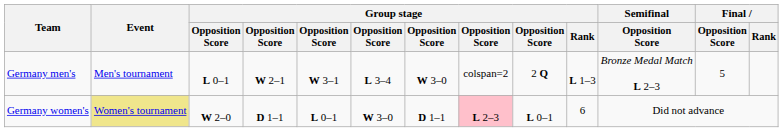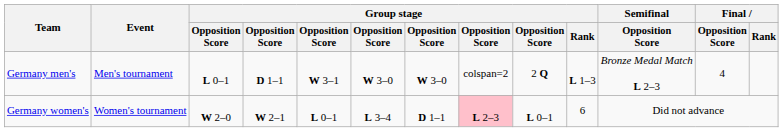 <table class="wikitable" style="font-size:90%">
 <tr>
 <th rowspan=2>Team</th>
 <th rowspan=2>Event</th>
 <th colspan=8>Group stage</th>
 <th>Semifinal</th>
 <th colspan=2>Final / </th>
 </tr>
 <tr style="font-size:95%">
 <th>Opposition<br>Score</th>
 <th>Opposition<br>Score</th>
 <th>Opposition<br>Score</th>
 <th>Opposition<br>Score</th>
 <th>Opposition<br>Score</th>
 <th>Opposition<br>Score</th>
 <th>Opposition<br>Score</th>
 <th>Rank</th>
 <th>Opposition<br>Score</th>
 <th>Opposition<br>Score</th>
 <th>Rank</th>
 </tr>
 <tr align=center>
 <td align=left><a href='#'>Germany men's</a></td>
 <td align=left><a href='#'>Men's tournament</a></td>
 <td><br><strong>L</strong> 0–1</td>
-<td><br><strong>W</strong> 2–1</td>
+<td><br><strong>D</strong> 1–1</td>
 <td><br><strong>W</strong> 3–1</td>
-<td><br><strong>L</strong> 3–4</td>
+<td><br><strong>W</strong> 3–0</td>
 <td><br><strong>W</strong> 3–0</td>
 <td>colspan=2</td>
 <td>2 <strong>Q</strong></td>
 <td><br><strong>L</strong> 1–3</td>
 <td><em>Bronze Medal Match</em><br><br><strong>L</strong> 2–3</td>
-<td>5</td>
+<td>4</td>
 </tr>
 <tr align=center>
 <td align=left><a href='#'>Germany women's</a></td>
-<td align=left style="background: khaki;"><a href='#'>Women's tournament</a></td>
+<td align=left><a href='#'>Women's tournament</a></td>
 <td><br><strong>W</strong> 2–0</td>
-<td><br><strong>D</strong> 1–1</td>
+<td><br><strong>W</strong> 2–1</td>
 <td><br><strong>L</strong> 0–1</td>
-<td><br><strong>W</strong> 3–0</td>
+<td><br><strong>L</strong> 3–4</td>
 <td><br><strong>D</strong> 1–1</td>
 <td style="background: pink;"><br><strong>L</strong> 2–3</td>
 <td><br><strong>L</strong> 0–1</td>
 <td>6</td>
 <td colspan=3>Did not advance</td>
 </tr>
 </table>
